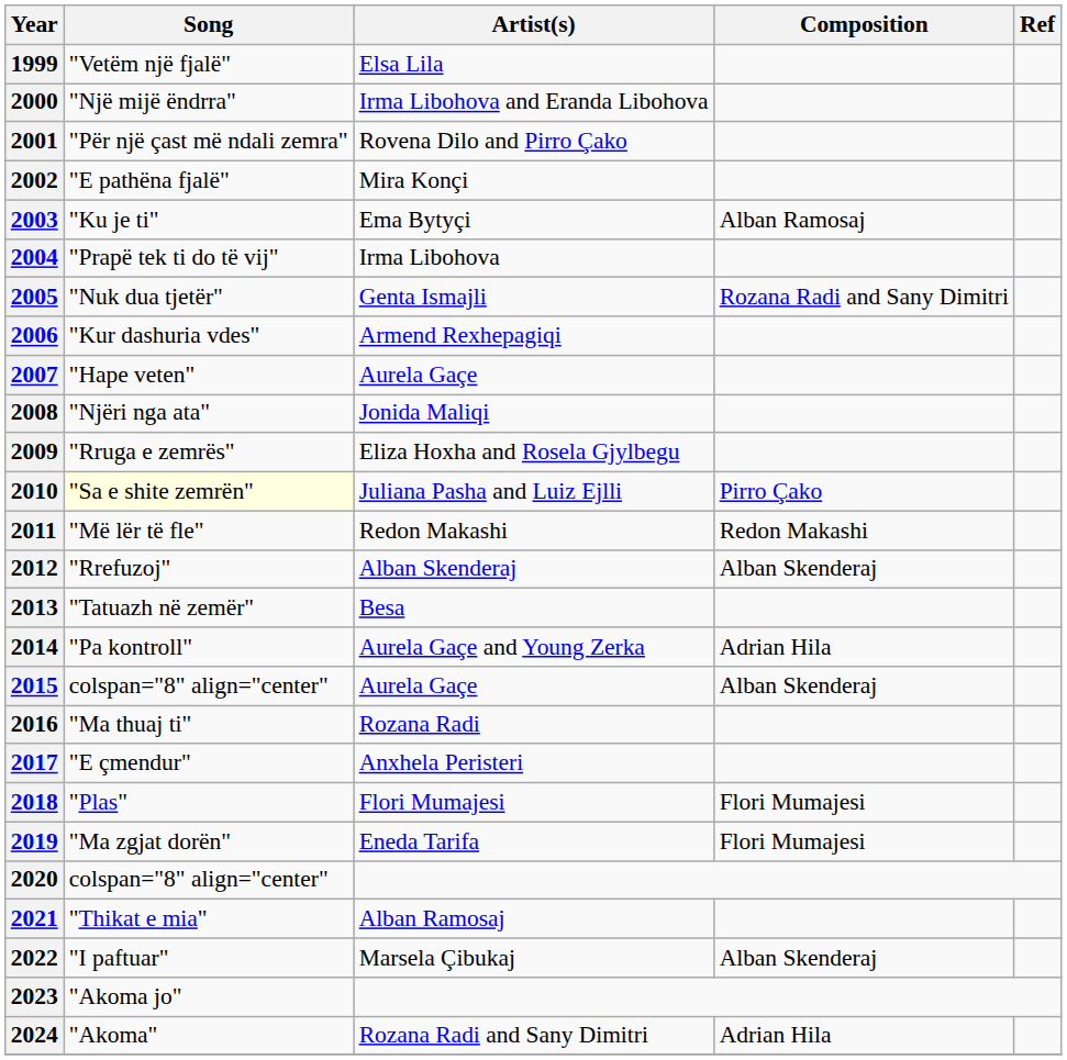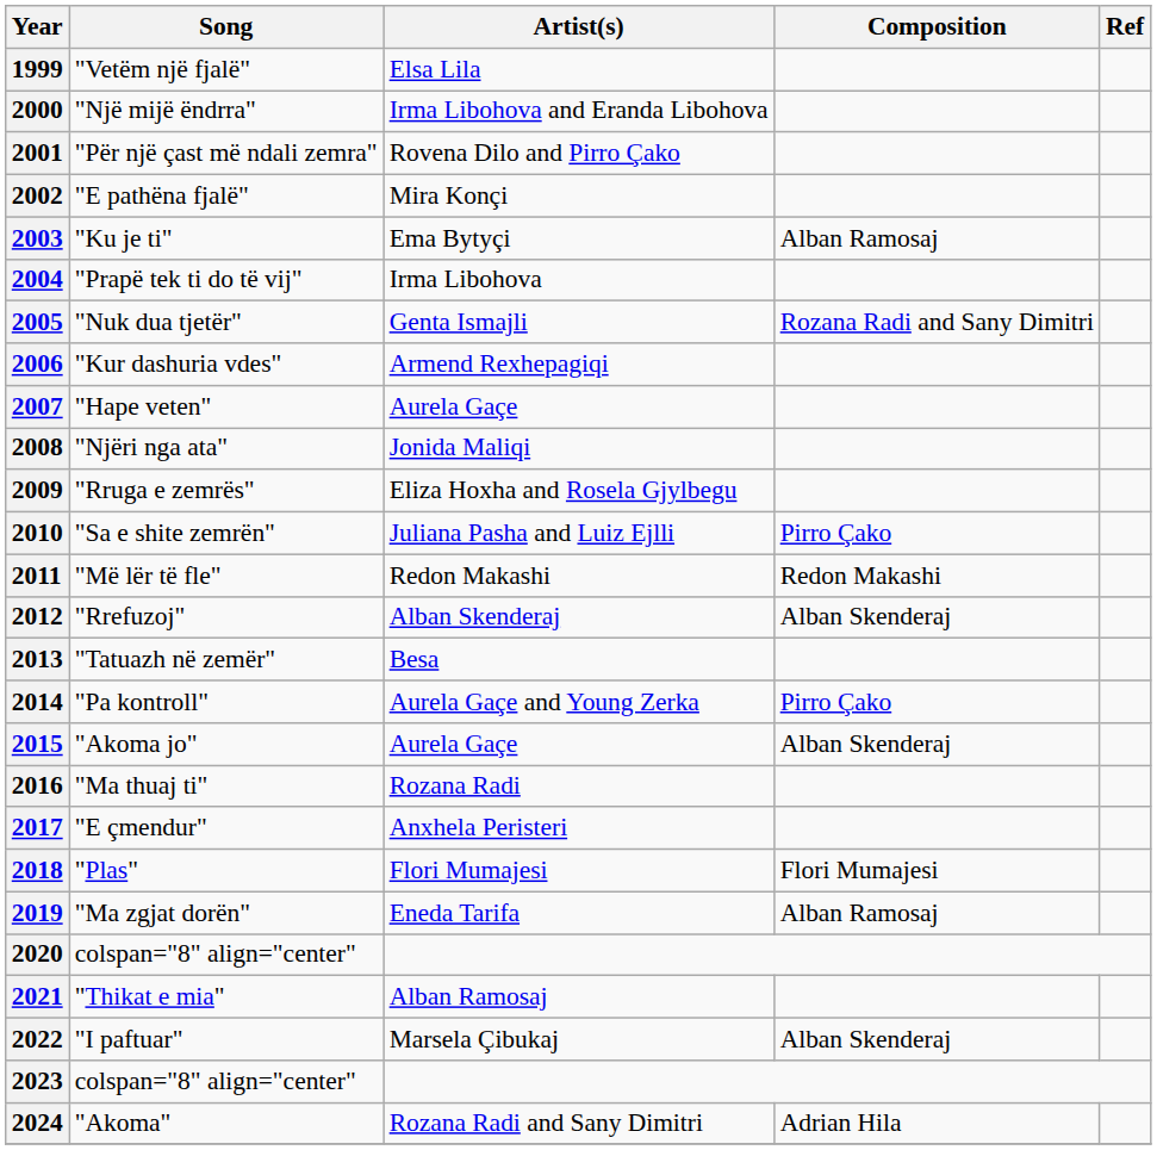 <table class="wikitable sortable" style="font-size:90%">
 <tr>
 <th scope="col">Year</th>
 <th scope="col">Song</th>
 <th scope="col">Artist(s)</th>
 <th scope="col">Composition</th>
 <th scope="col">Ref</th>
 </tr>
 <tr>
 <th style="text-align:left" scope="row">1999</th>
 <td>"Vetëm një fjalë"</td>
 <td><a href='#'>Elsa Lila</a></td>
 <td></td>
 <td></td>
 </tr>
 <tr>
 <th style="text-align:left" scope="row">2000</th>
 <td>"Një mijë ëndrra"</td>
 <td><a href='#'>Irma Libohova</a> and Eranda Libohova</td>
 <td></td>
 <td></td>
 </tr>
 <tr>
 <th style="text-align:left" scope="row">2001</th>
 <td>"Për një çast më ndali zemra"</td>
 <td>Rovena Dilo and <a href='#'>Pirro Çako</a></td>
 <td></td>
 <td></td>
 </tr>
 <tr>
 <th style="text-align:left" scope="row">2002</th>
 <td>"E pathëna fjalë"</td>
 <td>Mira Konçi</td>
 <td></td>
 <td></td>
 </tr>
 <tr>
 <th style="text-align:left" scope="row"><a href='#'>2003</a></th>
 <td>"Ku je ti"</td>
 <td>Ema Bytyçi</td>
 <td>Alban Ramosaj</td>
 <td></td>
 </tr>
 <tr>
 <th style="text-align:left" scope="row"><a href='#'>2004</a></th>
 <td>"Prapë tek ti do të vij"</td>
 <td>Irma Libohova</td>
 <td></td>
 <td></td>
 </tr>
 <tr>
 <th style="text-align:left" scope="row"><a href='#'>2005</a></th>
 <td>"Nuk dua tjetër"</td>
 <td><a href='#'>Genta Ismajli</a></td>
 <td><a href='#'>Rozana Radi</a> and Sany Dimitri</td>
 <td></td>
 </tr>
 <tr>
 <th style="text-align:left" scope="row"><a href='#'>2006</a></th>
 <td>"Kur dashuria vdes"</td>
 <td><a href='#'>Armend Rexhepagiqi</a></td>
 <td></td>
 <td></td>
 </tr>
 <tr>
 <th style="text-align:left" scope="row"><a href='#'>2007</a></th>
 <td>"Hape veten"</td>
 <td><a href='#'>Aurela Gaçe</a></td>
 <td></td>
 <td></td>
 </tr>
 <tr>
 <th style="text-align:left" scope="row">2008</th>
 <td>"Njëri nga ata"</td>
 <td><a href='#'>Jonida Maliqi</a></td>
 <td></td>
 <td></td>
 </tr>
 <tr>
 <th style="text-align:left" scope="row">2009</th>
 <td>"Rruga e zemrës"</td>
 <td>Eliza Hoxha and <a href='#'>Rosela Gjylbegu</a></td>
 <td></td>
 <td></td>
 </tr>
 <tr>
 <th style="text-align:left" scope="row">2010</th>
-<td style="background: lightyellow;">"Sa e shite zemrën"</td>
+<td>"Sa e shite zemrën"</td>
 <td><a href='#'>Juliana Pasha</a> and <a href='#'>Luiz Ejlli</a></td>
 <td><a href='#'>Pirro Çako</a></td>
 <td></td>
 </tr>
 <tr>
 <th style="text-align:left" scope="row">2011</th>
 <td>"Më lër të fle"</td>
 <td>Redon Makashi</td>
 <td>Redon Makashi</td>
 <td></td>
 </tr>
 <tr>
 <th style="text-align:left" scope="row">2012</th>
 <td>"Rrefuzoj"</td>
 <td><a href='#'>Alban Skenderaj</a></td>
 <td>Alban Skenderaj</td>
 <td></td>
 </tr>
 <tr>
 <th style="text-align:left" scope="row">2013</th>
 <td>"Tatuazh në zemër"</td>
 <td><a href='#'>Besa</a></td>
 <td></td>
 <td></td>
 </tr>
 <tr>
 <th style="text-align:left" scope="row">2014</th>
 <td>"Pa kontroll"</td>
 <td><a href='#'>Aurela Gaçe</a> and <a href='#'>Young Zerka</a></td>
-<td>Adrian Hila</td>
+<td><a href='#'>Pirro Çako</a></td>
 <td style="text-align: center;"></td>
 </tr>
 <tr>
 <th style="text-align:left" scope="row"><a href='#'>2015</a></th>
-<td>colspan="8" align="center" </td>
+<td>"Akoma jo"</td>
 <td><a href='#'>Aurela Gaçe</a></td>
 <td>Alban Skenderaj</td>
 <td style="text-align: center;"></td>
 </tr>
 <tr>
 <th style="text-align:left" scope="row">2016</th>
 <td>"Ma thuaj ti"</td>
 <td><a href='#'>Rozana Radi</a></td>
 <td></td>
 <td style="text-align: center;"></td>
 </tr>
 <tr>
 <th style="text-align:left" scope="row"><a href='#'>2017</a></th>
 <td>"E çmendur"</td>
 <td><a href='#'>Anxhela Peristeri</a></td>
 <td></td>
 <td style="text-align: center;"></td>
 </tr>
 <tr>
 <th style="text-align:left" scope="row"><a href='#'>2018</a></th>
 <td>"<a href='#'>Plas</a>"</td>
 <td><a href='#'>Flori Mumajesi</a></td>
 <td>Flori Mumajesi</td>
 <td style="text-align: center;"></td>
 </tr>
 <tr>
 <th style="text-align:left" scope="row"><a href='#'>2019</a></th>
 <td>"Ma zgjat dorën"</td>
 <td><a href='#'>Eneda Tarifa</a></td>
-<td>Flori Mumajesi</td>
+<td>Alban Ramosaj</td>
 <td style="text-align: center;"></td>
 </tr>
 <tr>
 <th style="text-align:left" scope="row">2020</th>
 <td>colspan="8" align="center" </td>
 </tr>
 <tr>
 <th style="text-align:left" scope="row"><a href='#'>2021</a></th>
 <td>"<a href='#'>Thikat e mia</a>"</td>
 <td><a href='#'>Alban Ramosaj</a></td>
 <td></td>
 <td style="text-align: center;"></td>
 </tr>
 <tr>
 <th style="text-align:left" scope="row">2022</th>
 <td>"I paftuar"</td>
 <td>Marsela Çibukaj</td>
 <td>Alban Skenderaj</td>
 <td style="text-align: center;"></td>
 </tr>
 <tr>
 <th style="text-align:left" scope="row">2023</th>
-<td>"Akoma jo"</td>
+<td>colspan="8" align="center" </td>
 </tr>
 <tr>
 <th style="text-align:left" scope="row">2024</th>
 <td>"Akoma"</td>
 <td><a href='#'>Rozana Radi</a> and Sany Dimitri</td>
 <td>Adrian Hila</td>
 <td style="text-align: center;"></td>
 </tr>
 <tr>
 </tr>
 </table>
